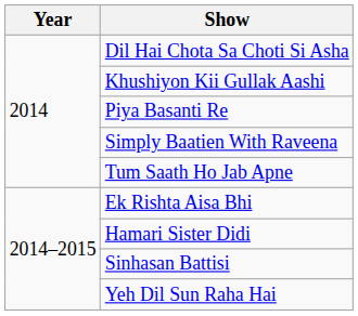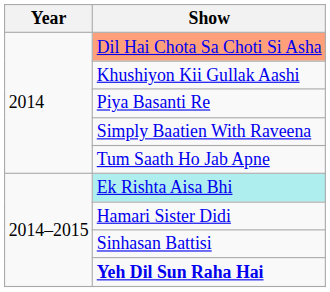 <table class="wikitable">
 <tr>
 <th>Year</th>
 <th>Show</th>
 </tr>
 <tr>
 <td rowspan="5">2014</td>
-<td><a href='#'>Dil Hai Chota Sa Choti Si Asha</a></td>
+<td style="background: lightsalmon;"><a href='#'>Dil Hai Chota Sa Choti Si Asha</a></td>
 </tr>
 <tr>
 <td><a href='#'>Khushiyon Kii Gullak Aashi</a></td>
 </tr>
 <tr>
 <td><a href='#'>Piya Basanti Re</a></td>
 </tr>
 <tr>
 <td><a href='#'>Simply Baatien With Raveena</a></td>
 </tr>
 <tr>
 <td><a href='#'>Tum Saath Ho Jab Apne</a></td>
 </tr>
 <tr>
 <td rowspan="4">2014–2015</td>
-<td><a href='#'>Ek Rishta Aisa Bhi</a></td>
+<td style="background: paleturquoise;"><a href='#'>Ek Rishta Aisa Bhi</a></td>
 </tr>
 <tr>
 <td><a href='#'>Hamari Sister Didi</a></td>
 </tr>
 <tr>
 <td><a href='#'>Sinhasan Battisi</a></td>
 </tr>
 <tr>
-<td><a href='#'>Yeh Dil Sun Raha Hai</a></td>
+<td><strong><a href='#'>Yeh Dil Sun Raha Hai</a></strong></td>
 </tr>
 </table>
